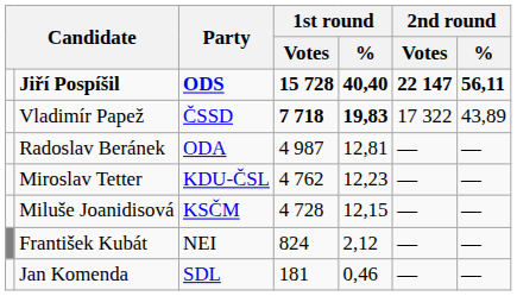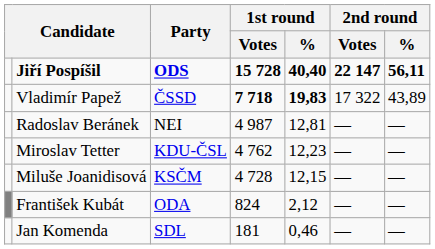 <table class="wikitable sortable">
 <tr>
 <th colspan="2" rowspan="2">Candidate</th>
 <th rowspan="2">Party</th>
 <th colspan="2">1st round</th>
 <th colspan="2">2nd round</th>
 </tr>
 <tr>
 <th>Votes</th>
 <th>%</th>
 <th>Votes</th>
 <th>%</th>
 </tr>
 <tr>
 <td style="background-color:"></td>
 <td><strong>Jiří Pospíšil</strong></td>
 <td><a href='#'><strong>ODS</strong></a></td>
 <td><strong>15 728</strong></td>
 <td><strong>40,40</strong></td>
 <td><strong>22 147</strong></td>
 <td><strong>56,11</strong></td>
 </tr>
 <tr>
 <td style="background-color:"></td>
 <td>Vladimír Papež</td>
 <td><a href='#'>ČSSD</a></td>
 <td><strong>7 718</strong></td>
 <td><strong>19,83</strong></td>
 <td>17 322</td>
 <td>43,89</td>
 </tr>
 <tr>
 <td style="background-color:"></td>
 <td>Radoslav Beránek</td>
-<td><a href='#'>ODA</a></td>
+<td>NEI</td>
 <td>4 987</td>
 <td>12,81</td>
 <td>—</td>
 <td>—</td>
 </tr>
 <tr>
 <td style="background-color:"></td>
 <td>Miroslav Tetter</td>
 <td><a href='#'>KDU-ČSL</a></td>
 <td>4 762</td>
 <td>12,23</td>
 <td>—</td>
 <td>—</td>
 </tr>
 <tr>
 <td style="background-color:"></td>
 <td>Miluše Joanidisová</td>
 <td><a href='#'>KSČM</a></td>
 <td>4 728</td>
 <td>12,15</td>
 <td>—</td>
 <td>—</td>
 </tr>
 <tr>
 <td style="background-color:gray"></td>
 <td>František Kubát</td>
-<td>NEI</td>
+<td><a href='#'>ODA</a></td>
 <td>824</td>
 <td>2,12</td>
 <td>—</td>
 <td>—</td>
 </tr>
 <tr>
 <td style="background-color:"></td>
 <td>Jan Komenda</td>
 <td><a href='#'>SDL</a></td>
 <td>181</td>
 <td>0,46</td>
 <td>—</td>
 <td>—</td>
 </tr>
 </table>
